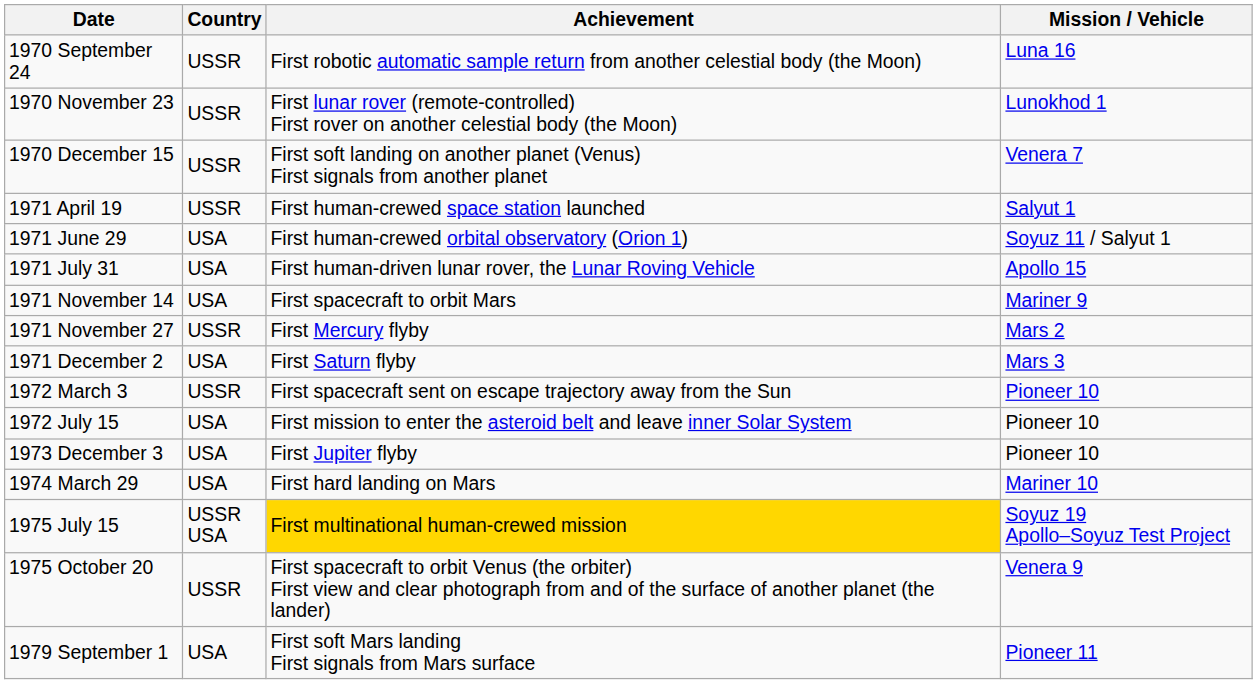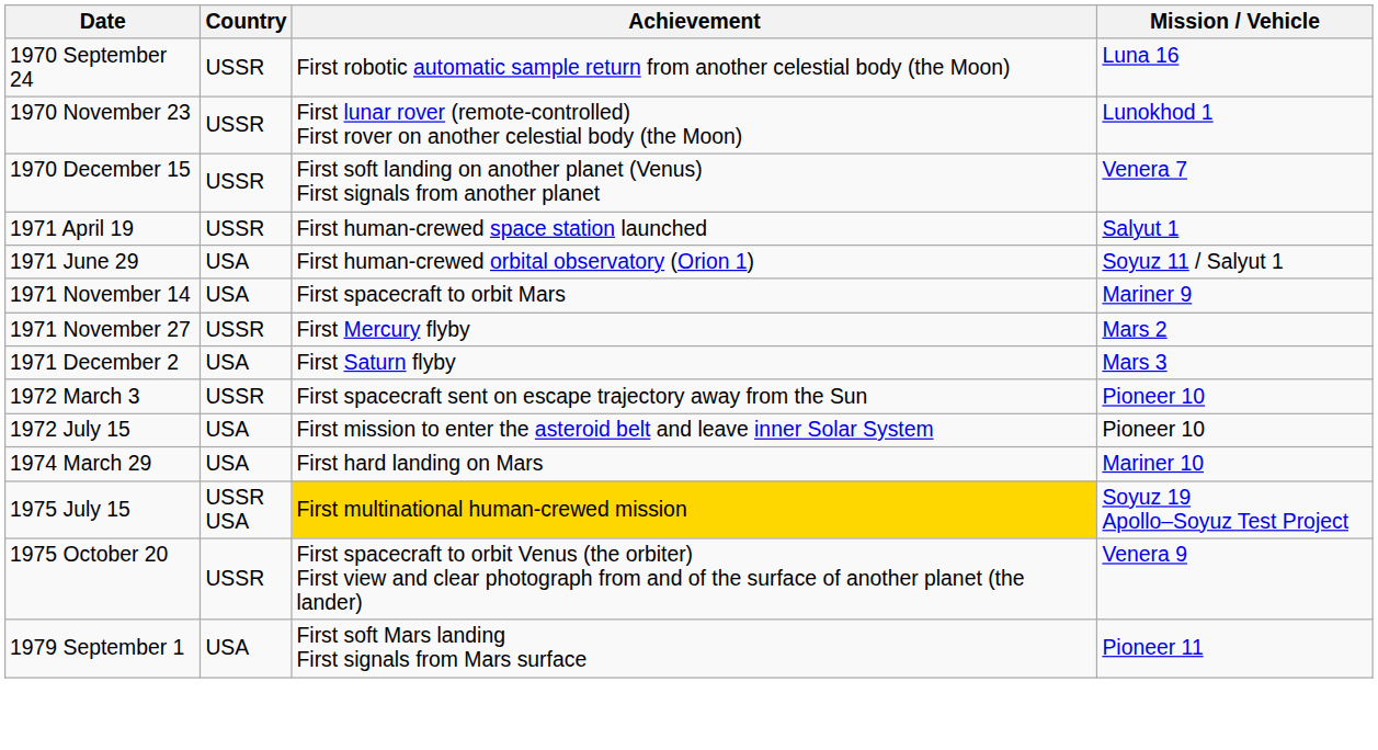 <table class="wikitable">
 <tr>
 <th width="140">Date</th>
 <th width="10">Country</th>
 <th width="600">Achievement</th>
 <th width="200">Mission / Vehicle</th>
 </tr>
 <tr>
 <td valign=top>1970 September 24</td>
 <td> USSR</td>
 <td>First robotic <a href='#'>automatic sample return</a> from another celestial body (the Moon)</td>
 <td valign=top><a href='#'>Luna 16</a></td>
 </tr>
 <tr>
 <td valign=top>1970 November 23</td>
 <td> USSR</td>
 <td>First <a href='#'>lunar rover</a> (remote-controlled)<br>First rover on another celestial body (the Moon)</td>
 <td valign=top><a href='#'>Lunokhod 1</a></td>
 </tr>
 <tr>
 <td valign=top>1970 December 15</td>
 <td> USSR</td>
 <td>First soft landing on another planet (Venus) <br>First signals from another planet</td>
 <td valign=top><a href='#'>Venera 7</a></td>
 </tr>
 <tr>
 <td>1971 April 19</td>
 <td> USSR</td>
 <td>First human-crewed <a href='#'>space station</a> launched</td>
 <td><a href='#'>Salyut 1</a></td>
 </tr>
 <tr>
 <td>1971 June 29</td>
 <td> USA</td>
 <td>First human-crewed <a href='#'>orbital observatory</a> (<a href='#'>Orion 1</a>)</td>
 <td><a href='#'>Soyuz 11</a> / Salyut 1</td>
 </tr>
 <tr>
-<td>1971 July 31</td>
-<td> USA</td>
-<td>First human-driven lunar rover, the <a href='#'>Lunar Roving Vehicle</a></td>
-<td><a href='#'>Apollo 15</a></td>
-</tr>
-<tr>
 <td>1971 November 14</td>
 <td> USA</td>
 <td>First spacecraft to orbit Mars</td>
 <td><a href='#'>Mariner 9</a></td>
 </tr>
 <tr>
 <td>1971 November 27</td>
 <td> USSR</td>
 <td>First <a href='#'>Mercury</a> flyby</td>
 <td><a href='#'>Mars 2</a></td>
 </tr>
 <tr>
 <td valign=top>1971 December 2</td>
 <td> USA</td>
 <td>First <a href='#'>Saturn</a> flyby</td>
 <td valign=top><a href='#'>Mars 3</a></td>
 </tr>
 <tr>
 <td>1972 March 3</td>
 <td> USSR</td>
 <td>First spacecraft sent on escape trajectory away from the Sun</td>
 <td><a href='#'>Pioneer 10</a></td>
 </tr>
 <tr>
 <td>1972 July 15</td>
 <td> USA</td>
 <td>First mission to enter the <a href='#'>asteroid belt</a> and leave <a href='#'>inner Solar System</a></td>
 <td>Pioneer 10</td>
 </tr>
 <tr>
-<td>1973 December 3</td>
-<td> USA</td>
-<td>First <a href='#'>Jupiter</a> flyby</td>
-<td>Pioneer 10</td>
-</tr>
-<tr>
 <td>1974 March 29</td>
 <td> USA</td>
 <td>First hard landing on Mars</td>
 <td><a href='#'>Mariner 10</a></td>
 </tr>
 <tr>
 <td>1975 July 15</td>
 <td> USSR<br> USA</td>
 <td style="background: gold;">First multinational human-crewed mission</td>
 <td><a href='#'>Soyuz 19</a><br><a href='#'>Apollo–Soyuz Test Project</a></td>
 </tr>
 <tr>
 <td valign=top>1975 October 20</td>
 <td> USSR</td>
 <td>First spacecraft to orbit Venus (the orbiter)<br>First view and clear photograph from and of the surface of another planet (the lander)</td>
 <td valign=top><a href='#'>Venera 9</a></td>
 </tr>
 <tr>
 <td>1979 September 1</td>
 <td> USA</td>
 <td>First soft Mars landing <br>First signals from Mars surface</td>
 <td><a href='#'>Pioneer 11</a></td>
 </tr>
 </table>
